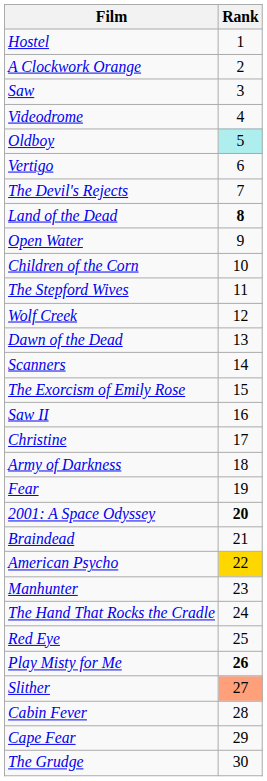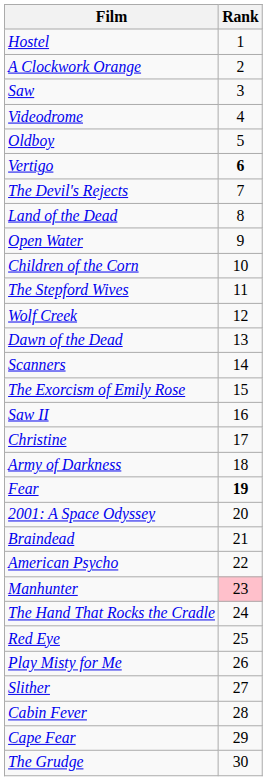 <table class="sortable wikitable" style="text-align:center; white-space:nowrap;">
 <tr>
 <th>Film</th>
 <th>Rank</th>
 </tr>
 <tr>
 <td align="left"><em><a href='#'>Hostel</a></em></td>
 <td>1</td>
 </tr>
 <tr>
 <td align="left"><em><a href='#'>A Clockwork Orange</a></em></td>
 <td>2</td>
 </tr>
 <tr>
 <td align="left"><em><a href='#'>Saw</a></em></td>
 <td>3</td>
 </tr>
 <tr>
 <td align="left"><em><a href='#'>Videodrome</a></em></td>
 <td>4</td>
 </tr>
 <tr>
 <td align="left"><em><a href='#'>Oldboy</a></em></td>
-<td style="background: paleturquoise;">5</td>
+<td>5</td>
 </tr>
 <tr>
 <td align="left"><em><a href='#'>Vertigo</a></em></td>
-<td>6</td>
+<td><strong>6</strong></td>
 </tr>
 <tr>
 <td align="left"><em><a href='#'>The Devil's Rejects</a></em></td>
 <td>7</td>
 </tr>
 <tr>
 <td align="left"><em><a href='#'>Land of the Dead</a></em></td>
-<td><strong>8</strong></td>
+<td>8</td>
 </tr>
 <tr>
 <td align="left"><em><a href='#'>Open Water</a></em></td>
 <td>9</td>
 </tr>
 <tr>
 <td align="left"><em><a href='#'>Children of the Corn</a></em></td>
 <td>10</td>
 </tr>
 <tr>
 <td align="left"><em><a href='#'>The Stepford Wives</a></em></td>
 <td>11</td>
 </tr>
 <tr>
 <td align="left"><em><a href='#'>Wolf Creek</a></em></td>
 <td>12</td>
 </tr>
 <tr>
 <td align="left"><em><a href='#'>Dawn of the Dead</a></em></td>
 <td>13</td>
 </tr>
 <tr>
 <td align="left"><em><a href='#'>Scanners</a></em></td>
 <td>14</td>
 </tr>
 <tr>
 <td align="left"><em><a href='#'>The Exorcism of Emily Rose</a></em></td>
 <td>15</td>
 </tr>
 <tr>
 <td align="left"><em><a href='#'>Saw II</a></em></td>
 <td>16</td>
 </tr>
 <tr>
 <td align="left"><em><a href='#'>Christine</a></em></td>
 <td>17</td>
 </tr>
 <tr>
 <td align="left"><em><a href='#'>Army of Darkness</a></em></td>
 <td>18</td>
 </tr>
 <tr>
 <td align="left"><em><a href='#'>Fear</a></em></td>
-<td>19</td>
+<td><strong>19</strong></td>
 </tr>
 <tr>
 <td align="left"><em><a href='#'>2001: A Space Odyssey</a></em></td>
-<td><strong>20</strong></td>
+<td>20</td>
 </tr>
 <tr>
 <td align="left"><em><a href='#'>Braindead</a></em></td>
 <td>21</td>
 </tr>
 <tr>
 <td align="left"><em><a href='#'>American Psycho</a></em></td>
-<td style="background: gold;">22</td>
+<td>22</td>
 </tr>
 <tr>
 <td align="left"><em><a href='#'>Manhunter</a></em></td>
-<td>23</td>
+<td style="background: pink;">23</td>
 </tr>
 <tr>
 <td align="left"><em><a href='#'>The Hand That Rocks the Cradle</a></em></td>
 <td>24</td>
 </tr>
 <tr>
 <td align="left"><em><a href='#'>Red Eye</a></em></td>
 <td>25</td>
 </tr>
 <tr>
 <td align="left"><em><a href='#'>Play Misty for Me</a></em></td>
-<td><strong>26</strong></td>
+<td>26</td>
 </tr>
 <tr>
 <td align="left"><em><a href='#'>Slither</a></em></td>
-<td style="background: lightsalmon;">27</td>
+<td>27</td>
 </tr>
 <tr>
 <td align="left"><em><a href='#'>Cabin Fever</a></em></td>
 <td>28</td>
 </tr>
 <tr>
 <td align="left"><em><a href='#'>Cape Fear</a></em></td>
 <td>29</td>
 </tr>
 <tr>
 <td align="left"><em><a href='#'>The Grudge</a></em></td>
 <td>30</td>
 </tr>
 </table>
